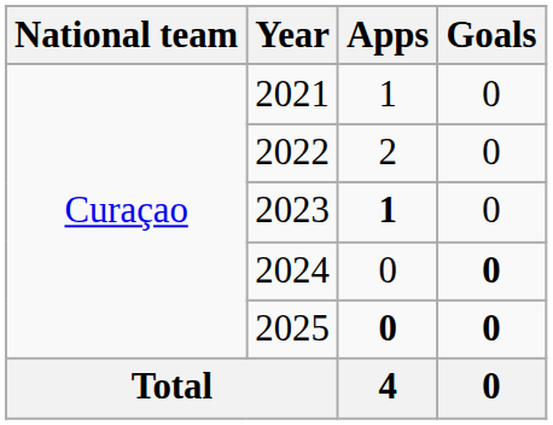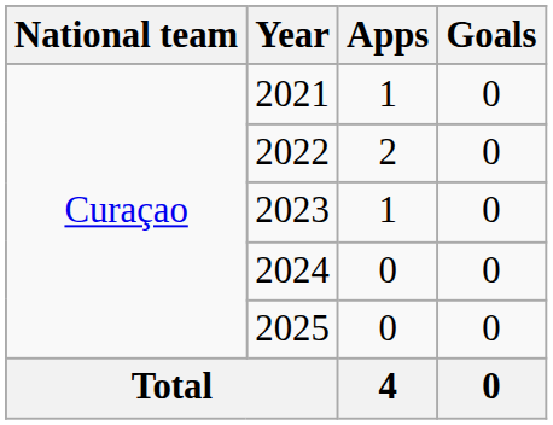 <table class="wikitable" style="text-align:center">
 <tr>
 <th>National team</th>
 <th>Year</th>
 <th>Apps</th>
 <th>Goals</th>
 </tr>
 <tr>
 <td rowspan="5"><a href='#'>Curaçao</a></td>
 <td>2021</td>
 <td>1</td>
 <td>0</td>
 </tr>
 <tr>
 <td>2022</td>
 <td>2</td>
 <td>0</td>
 </tr>
 <tr>
 <td>2023</td>
-<td><strong>1</strong></td>
+<td>1</td>
 <td>0</td>
 </tr>
 <tr>
 <td>2024</td>
 <td>0</td>
-<td><strong>0</strong></td>
+<td>0</td>
 </tr>
 <tr>
 <td>2025</td>
-<td><strong>0</strong></td>
-<td><strong>0</strong></td>
+<td>0</td>
+<td>0</td>
 </tr>
 <tr>
 <th colspan="2">Total</th>
 <th>4</th>
 <th>0</th>
 </tr>
 </table>
